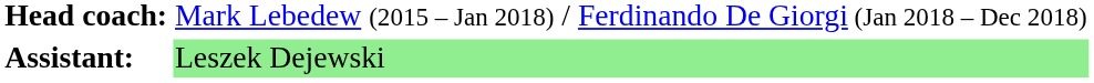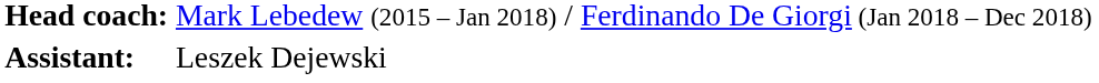 <table>
 <tr>
 <td><strong>Head coach:</strong></td>
 <td> <a href='#'>Mark Lebedew</a> <small> (2015 – Jan 2018)</small> /  <a href='#'>Ferdinando De Giorgi</a><small> (Jan 2018 – Dec 2018)</small></td>
 </tr>
 <tr>
 <td><strong>Assistant:</strong></td>
-<td style="background: lightgreen;"> Leszek Dejewski</td>
+<td> Leszek Dejewski</td>
 </tr>
 <tr>
 </tr>
 </table>
